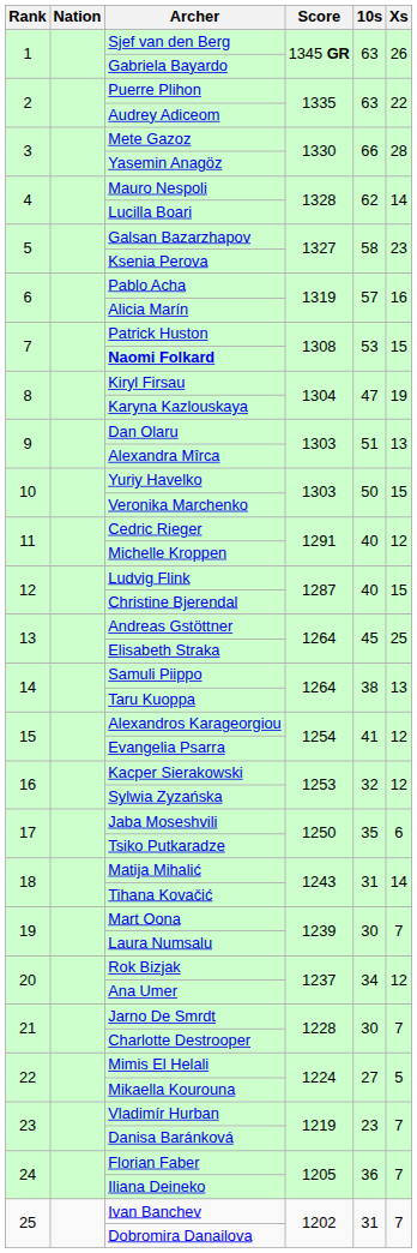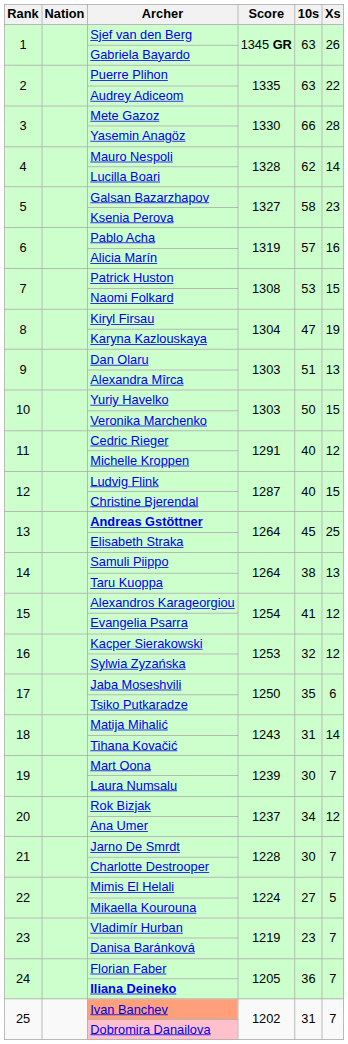 <table class="wikitable sortable" style="text-align:center">
 <tr>
 <th>Rank</th>
 <th>Nation</th>
 <th>Archer</th>
 <th>Score</th>
 <th>10s</th>
 <th>Xs</th>
 </tr>
 <tr bgcolor="#ccffcc">
 <td rowspan="2">1</td>
 <td align="left" rowspan="2"></td>
 <td align="left"><a href='#'>Sjef van den Berg</a></td>
 <td rowspan="2">1345 <strong>GR</strong></td>
 <td rowspan="2">63</td>
 <td rowspan="2">26</td>
 </tr>
 <tr bgcolor="#ccffcc">
 <td align="left"><a href='#'>Gabriela Bayardo</a></td>
 </tr>
 <tr bgcolor="#ccffcc">
 <td rowspan="2">2</td>
 <td align="left" rowspan="2"></td>
 <td align="left"><a href='#'>Puerre Plihon</a></td>
 <td rowspan="2">1335</td>
 <td rowspan="2">63</td>
 <td rowspan="2">22</td>
 </tr>
 <tr bgcolor="#ccffcc">
 <td align="left"><a href='#'>Audrey Adiceom</a></td>
 </tr>
 <tr bgcolor="#ccffcc">
 <td rowspan="2">3</td>
 <td align="left" rowspan="2"></td>
 <td align="left"><a href='#'>Mete Gazoz</a></td>
 <td rowspan="2">1330</td>
 <td rowspan="2">66</td>
 <td rowspan="2">28</td>
 </tr>
 <tr bgcolor="#ccffcc">
 <td align="left"><a href='#'>Yasemin Anagöz</a></td>
 </tr>
 <tr bgcolor="#ccffcc">
 <td rowspan="2">4</td>
 <td align="left" rowspan="2"></td>
 <td align="left"><a href='#'>Mauro Nespoli</a></td>
 <td rowspan="2">1328</td>
 <td rowspan="2">62</td>
 <td rowspan="2">14</td>
 </tr>
 <tr bgcolor="#ccffcc">
 <td align="left"><a href='#'>Lucilla Boari</a></td>
 </tr>
 <tr bgcolor="#ccffcc">
 <td rowspan="2">5</td>
 <td align="left" rowspan="2"></td>
 <td align="left"><a href='#'>Galsan Bazarzhapov</a></td>
 <td rowspan="2">1327</td>
 <td rowspan="2">58</td>
 <td rowspan="2">23</td>
 </tr>
 <tr bgcolor="#ccffcc">
 <td align="left"><a href='#'>Ksenia Perova</a></td>
 </tr>
 <tr bgcolor="#ccffcc">
 <td rowspan="2">6</td>
 <td align="left" rowspan="2"></td>
 <td align="left"><a href='#'>Pablo Acha</a></td>
 <td rowspan="2">1319</td>
 <td rowspan="2">57</td>
 <td rowspan="2">16</td>
 </tr>
 <tr bgcolor="#ccffcc">
 <td align="left"><a href='#'>Alicia Marín</a></td>
 </tr>
 <tr bgcolor="#ccffcc">
 <td rowspan="2">7</td>
 <td align="left" rowspan="2"></td>
 <td align="left"><a href='#'>Patrick Huston</a></td>
 <td rowspan="2">1308</td>
 <td rowspan="2">53</td>
 <td rowspan="2">15</td>
 </tr>
 <tr bgcolor="#ccffcc">
-<td align="left"><strong><a href='#'>Naomi Folkard</a></strong></td>
+<td align="left"><a href='#'>Naomi Folkard</a></td>
 </tr>
 <tr bgcolor="#ccffcc">
 <td rowspan="2">8</td>
 <td align="left" rowspan="2"></td>
 <td align="left"><a href='#'>Kiryl Firsau</a></td>
 <td rowspan="2">1304</td>
 <td rowspan="2">47</td>
 <td rowspan="2">19</td>
 </tr>
 <tr bgcolor="#ccffcc">
 <td align="left"><a href='#'>Karyna Kazlouskaya</a></td>
 </tr>
 <tr bgcolor="#ccffcc">
 <td rowspan="2">9</td>
 <td align="left" rowspan="2"></td>
 <td align="left"><a href='#'>Dan Olaru</a></td>
 <td rowspan="2">1303</td>
 <td rowspan="2">51</td>
 <td rowspan="2">13</td>
 </tr>
 <tr bgcolor="#ccffcc">
 <td align="left"><a href='#'>Alexandra Mîrca</a></td>
 </tr>
 <tr bgcolor="#ccffcc">
 <td rowspan="2">10</td>
 <td align="left" rowspan="2"></td>
 <td align="left"><a href='#'>Yuriy Havelko</a></td>
 <td rowspan="2">1303</td>
 <td rowspan="2">50</td>
 <td rowspan="2">15</td>
 </tr>
 <tr bgcolor="#ccffcc">
 <td align="left"><a href='#'>Veronika Marchenko</a></td>
 </tr>
 <tr bgcolor="#ccffcc">
 <td rowspan="2">11</td>
 <td align="left" rowspan="2"></td>
 <td align="left"><a href='#'>Cedric Rieger</a></td>
 <td rowspan="2">1291</td>
 <td rowspan="2">40</td>
 <td rowspan="2">12</td>
 </tr>
 <tr bgcolor="#ccffcc">
 <td align="left"><a href='#'>Michelle Kroppen</a></td>
 </tr>
 <tr bgcolor="#ccffcc">
 <td rowspan="2">12</td>
 <td align="left" rowspan="2"></td>
 <td align="left"><a href='#'>Ludvig Flink</a></td>
 <td rowspan="2">1287</td>
 <td rowspan="2">40</td>
 <td rowspan="2">15</td>
 </tr>
 <tr bgcolor="#ccffcc">
 <td align="left"><a href='#'>Christine Bjerendal</a></td>
 </tr>
 <tr bgcolor="#ccffcc">
 <td rowspan="2">13</td>
 <td align="left" rowspan="2"></td>
-<td align="left"><a href='#'>Andreas Gstöttner</a></td>
+<td align="left"><strong><a href='#'>Andreas Gstöttner</a></strong></td>
 <td rowspan="2">1264</td>
 <td rowspan="2">45</td>
 <td rowspan="2">25</td>
 </tr>
 <tr bgcolor="#ccffcc">
 <td align="left"><a href='#'>Elisabeth Straka</a></td>
 </tr>
 <tr bgcolor="#ccffcc">
 <td rowspan="2">14</td>
 <td align="left" rowspan="2"></td>
 <td align="left"><a href='#'>Samuli Piippo</a></td>
 <td rowspan="2">1264</td>
 <td rowspan="2">38</td>
 <td rowspan="2">13</td>
 </tr>
 <tr bgcolor="#ccffcc">
 <td align="left"><a href='#'>Taru Kuoppa</a></td>
 </tr>
 <tr bgcolor="#ccffcc">
 <td rowspan="2">15</td>
 <td align="left" rowspan="2"></td>
 <td align="left"><a href='#'>Alexandros Karageorgiou</a></td>
 <td rowspan="2">1254</td>
 <td rowspan="2">41</td>
 <td rowspan="2">12</td>
 </tr>
 <tr bgcolor="#ccffcc">
 <td align="left"><a href='#'>Evangelia Psarra</a></td>
 </tr>
 <tr bgcolor="#ccffcc">
 <td rowspan="2">16</td>
 <td align="left" rowspan="2"></td>
 <td align="left"><a href='#'>Kacper Sierakowski</a></td>
 <td rowspan="2">1253</td>
 <td rowspan="2">32</td>
 <td rowspan="2">12</td>
 </tr>
 <tr bgcolor="#ccffcc">
 <td align="left"><a href='#'>Sylwia Zyzańska</a></td>
 </tr>
 <tr bgcolor="#ccffcc">
 <td rowspan="2">17</td>
 <td align="left" rowspan="2"></td>
 <td align="left"><a href='#'>Jaba Moseshvili</a></td>
 <td rowspan="2">1250</td>
 <td rowspan="2">35</td>
 <td rowspan="2">6</td>
 </tr>
 <tr bgcolor="#ccffcc">
 <td align="left"><a href='#'>Tsiko Putkaradze</a></td>
 </tr>
 <tr bgcolor="#ccffcc">
 <td rowspan="2">18</td>
 <td align="left" rowspan="2"></td>
 <td align="left"><a href='#'>Matija Mihalić</a></td>
 <td rowspan="2">1243</td>
 <td rowspan="2">31</td>
 <td rowspan="2">14</td>
 </tr>
 <tr bgcolor="#ccffcc">
 <td align="left"><a href='#'>Tihana Kovačić</a></td>
 </tr>
 <tr bgcolor="#ccffcc">
 <td rowspan="2">19</td>
 <td align="left" rowspan="2"></td>
 <td align="left"><a href='#'>Mart Oona</a></td>
 <td rowspan="2">1239</td>
 <td rowspan="2">30</td>
 <td rowspan="2">7</td>
 </tr>
 <tr bgcolor="#ccffcc">
 <td align="left"><a href='#'>Laura Numsalu</a></td>
 </tr>
 <tr bgcolor="#ccffcc">
 <td rowspan="2">20</td>
 <td align="left" rowspan="2"></td>
 <td align="left"><a href='#'>Rok Bizjak</a></td>
 <td rowspan="2">1237</td>
 <td rowspan="2">34</td>
 <td rowspan="2">12</td>
 </tr>
 <tr bgcolor="#ccffcc">
 <td align="left"><a href='#'>Ana Umer</a></td>
 </tr>
 <tr bgcolor="#ccffcc">
 <td rowspan="2">21</td>
 <td align="left" rowspan="2"></td>
 <td align="left"><a href='#'>Jarno De Smrdt</a></td>
 <td rowspan="2">1228</td>
 <td rowspan="2">30</td>
 <td rowspan="2">7</td>
 </tr>
 <tr bgcolor="#ccffcc">
 <td align="left"><a href='#'>Charlotte Destrooper</a></td>
 </tr>
 <tr bgcolor="#ccffcc">
 <td rowspan="2">22</td>
 <td align="left" rowspan="2"></td>
 <td align="left"><a href='#'>Mimis El Helali</a></td>
 <td rowspan="2">1224</td>
 <td rowspan="2">27</td>
 <td rowspan="2">5</td>
 </tr>
 <tr bgcolor="#ccffcc">
 <td align="left"><a href='#'>Mikaella Kourouna</a></td>
 </tr>
 <tr bgcolor="#ccffcc">
 <td rowspan="2">23</td>
 <td align="left" rowspan="2"></td>
 <td align="left"><a href='#'>Vladimír Hurban</a></td>
 <td rowspan="2">1219</td>
 <td rowspan="2">23</td>
 <td rowspan="2">7</td>
 </tr>
 <tr bgcolor="#ccffcc">
 <td align="left"><a href='#'>Danisa Baránková</a></td>
 </tr>
 <tr bgcolor="#ccffcc">
 <td rowspan="2">24</td>
 <td align="left" rowspan="2"></td>
 <td align="left"><a href='#'>Florian Faber</a></td>
 <td rowspan="2">1205</td>
 <td rowspan="2">36</td>
 <td rowspan="2">7</td>
 </tr>
 <tr bgcolor="#ccffcc">
-<td align="left"><a href='#'>Iliana Deineko</a></td>
+<td align="left"><strong><a href='#'>Iliana Deineko</a></strong></td>
 </tr>
 <tr>
 <td rowspan="2">25</td>
 <td align="left" rowspan="2"></td>
-<td align="left"><a href='#'>Ivan Banchev</a></td>
+<td align="left" style="background: lightsalmon;"><a href='#'>Ivan Banchev</a></td>
 <td rowspan="2">1202</td>
 <td rowspan="2">31</td>
 <td rowspan="2">7</td>
 </tr>
 <tr>
-<td align="left"><a href='#'>Dobromira Danailova</a></td>
+<td align="left" style="background: pink;"><a href='#'>Dobromira Danailova</a></td>
 </tr>
 </table>
